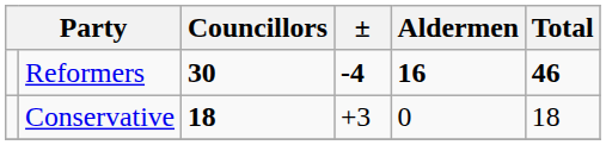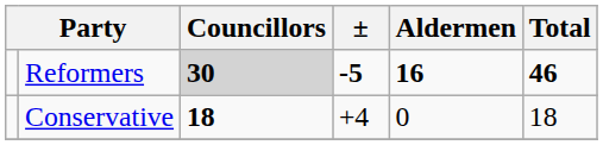 <table class="wikitable">
 <tr>
 <th colspan="2">Party</th>
 <th>Councillors</th>
 <th>  ±  </th>
 <th>Aldermen</th>
 <th>Total</th>
 </tr>
 <tr>
 <td style="background-color: "></td>
 <td><a href='#'>Reformers</a></td>
-<td><strong>30</strong></td>
-<td><strong>-4</strong></td>
+<td style="background: lightgrey;"><strong>30</strong></td>
+<td><strong>-5</strong></td>
 <td><strong>16</strong></td>
 <td><strong>46</strong></td>
 </tr>
 <tr>
 <td style="background-color: "></td>
 <td><a href='#'>Conservative</a></td>
 <td><strong>18</strong></td>
-<td>+3</td>
+<td>+4</td>
 <td>0</td>
 <td>18</td>
 </tr>
 <tr>
 </tr>
 </table>
